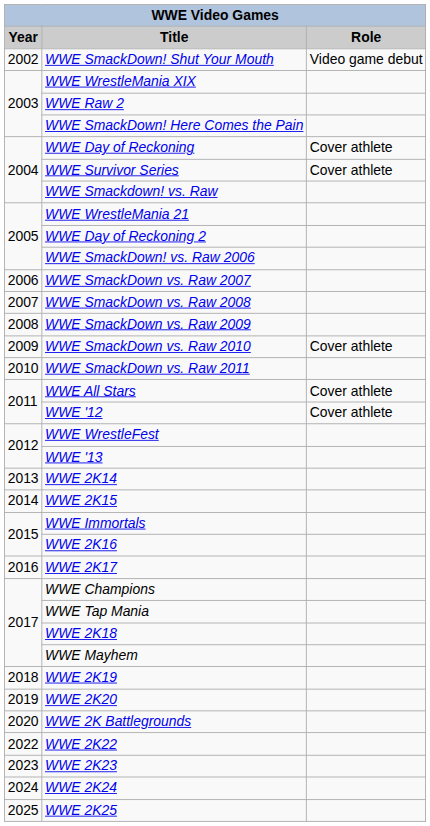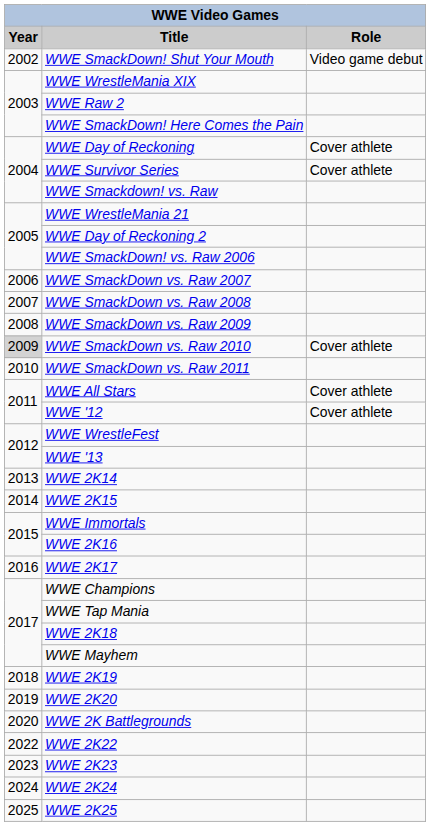 <table class="wikitable sortable">
 <tr style="text-align:center;">
 <th colspan=4 style="background:#B0C4DE;">WWE Video Games</th>
 </tr>
 <tr style="text-align:center;">
 <th style="background:#ccc;">Year</th>
 <th style="background:#ccc;">Title</th>
 <th style="background:#ccc;">Role</th>
 </tr>
 <tr>
 <td>2002</td>
 <td><em><a href='#'>WWE SmackDown! Shut Your Mouth</a></em></td>
 <td>Video game debut</td>
 </tr>
 <tr>
 <td rowspan="3">2003</td>
 <td><em><a href='#'>WWE WrestleMania XIX</a></em></td>
 <td></td>
 </tr>
 <tr>
 <td><em><a href='#'>WWE Raw 2</a></em></td>
 <td></td>
 </tr>
 <tr>
 <td><em><a href='#'>WWE SmackDown! Here Comes the Pain</a></em></td>
 <td></td>
 </tr>
 <tr>
 <td rowspan="3">2004</td>
 <td><em><a href='#'>WWE Day of Reckoning</a></em></td>
 <td>Cover athlete</td>
 </tr>
 <tr>
 <td><em><a href='#'>WWE Survivor Series</a></em></td>
 <td>Cover athlete</td>
 </tr>
 <tr>
 <td><em><a href='#'>WWE Smackdown! vs. Raw</a></em></td>
 <td></td>
 </tr>
 <tr>
 <td rowspan="3">2005</td>
 <td><em><a href='#'>WWE WrestleMania 21</a></em></td>
 <td></td>
 </tr>
 <tr>
 <td><em><a href='#'>WWE Day of Reckoning 2</a></em></td>
 <td></td>
 </tr>
 <tr>
 <td><em><a href='#'>WWE SmackDown! vs. Raw 2006</a></em></td>
 <td></td>
 </tr>
 <tr>
 <td>2006</td>
 <td><em><a href='#'>WWE SmackDown vs. Raw 2007</a></em></td>
 <td></td>
 </tr>
 <tr>
 <td>2007</td>
 <td><em><a href='#'>WWE SmackDown vs. Raw 2008</a></em></td>
 <td></td>
 </tr>
 <tr>
 <td>2008</td>
 <td><em><a href='#'>WWE SmackDown vs. Raw 2009</a></em></td>
 <td></td>
 </tr>
 <tr>
-<td>2009</td>
+<td style="background: lightgrey;">2009</td>
 <td><em><a href='#'>WWE SmackDown vs. Raw 2010</a></em></td>
 <td>Cover athlete</td>
 </tr>
 <tr>
 <td>2010</td>
 <td><em><a href='#'>WWE SmackDown vs. Raw 2011</a></em></td>
 <td></td>
 </tr>
 <tr>
 <td rowspan="2">2011</td>
 <td><em><a href='#'>WWE All Stars</a></em></td>
 <td>Cover athlete</td>
 </tr>
 <tr>
 <td><em><a href='#'>WWE '12</a></em></td>
 <td>Cover athlete</td>
 </tr>
 <tr>
 <td rowspan="2">2012</td>
 <td><em><a href='#'>WWE WrestleFest</a></em></td>
 <td></td>
 </tr>
 <tr>
 <td><em><a href='#'>WWE '13</a></em></td>
 <td></td>
 </tr>
 <tr>
 <td>2013</td>
 <td><em><a href='#'>WWE 2K14</a></em></td>
 <td></td>
 </tr>
 <tr>
 <td>2014</td>
 <td><em><a href='#'>WWE 2K15</a></em></td>
 <td></td>
 </tr>
 <tr>
 <td rowspan="2">2015</td>
 <td><em><a href='#'>WWE Immortals</a></em></td>
 <td></td>
 </tr>
 <tr>
 <td><em><a href='#'>WWE 2K16</a></em></td>
 <td></td>
 </tr>
 <tr>
 <td>2016</td>
 <td><em><a href='#'>WWE 2K17</a></em></td>
 <td></td>
 </tr>
 <tr>
 <td rowspan="4">2017</td>
 <td><em>WWE Champions</em></td>
 <td></td>
 </tr>
 <tr>
 <td><em>WWE Tap Mania</em></td>
 <td></td>
 </tr>
 <tr>
 <td><em><a href='#'>WWE 2K18</a></em></td>
 <td></td>
 </tr>
 <tr>
 <td><em>WWE Mayhem</em></td>
 <td></td>
 </tr>
 <tr>
 <td>2018</td>
 <td><em><a href='#'>WWE 2K19</a></em></td>
 <td></td>
 </tr>
 <tr>
 <td>2019</td>
 <td><em><a href='#'>WWE 2K20</a></em></td>
 <td></td>
 </tr>
 <tr>
 <td>2020</td>
 <td><em><a href='#'>WWE 2K Battlegrounds</a></em></td>
 <td></td>
 </tr>
 <tr>
 <td>2022</td>
 <td><em><a href='#'>WWE 2K22</a></em></td>
 <td></td>
 </tr>
 <tr>
 <td>2023</td>
 <td><em><a href='#'>WWE 2K23</a></em></td>
 <td></td>
 </tr>
 <tr>
 <td>2024</td>
 <td><em><a href='#'>WWE 2K24</a></em></td>
 <td></td>
 </tr>
 <tr>
 <td>2025</td>
 <td><em><a href='#'>WWE 2K25</a></em></td>
 <td></td>
 </tr>
 </table>
